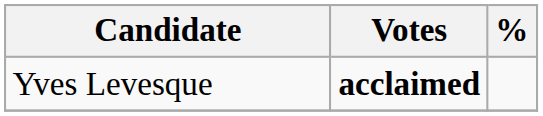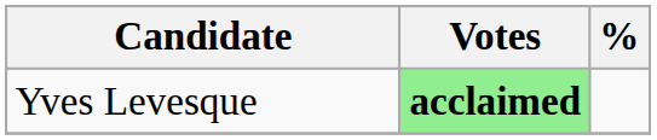 <table class="wikitable">
 <tr>
 <th bgcolor="#DDDDFF" width="150px">Candidate</th>
 <th bgcolor="#DDDDFF">Votes</th>
 <th bgcolor="#DDDDFF">%</th>
 </tr>
 <tr>
 <td>Yves Levesque</td>
-<td><strong>acclaimed</strong></td>
+<td style="background: lightgreen;"><strong>acclaimed</strong></td>
 <td></td>
 </tr>
 <tr>
 </tr>
 </table>
